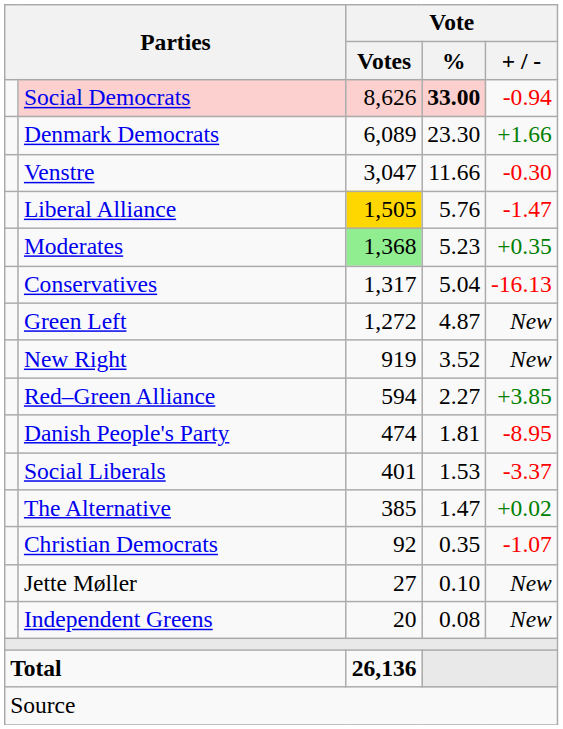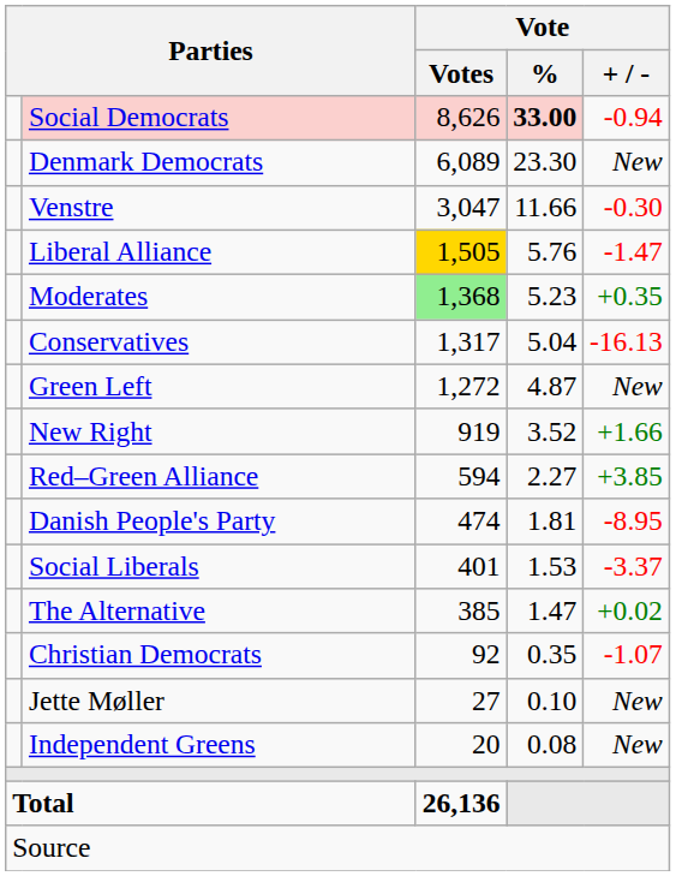 <table class="wikitable" style="text-align:right;">
 <tr>
 <th style="text-align:centre;" rowspan="2" colspan="2" width="225">Parties</th>
 <th colspan="3">Vote</th>
 </tr>
 <tr>
 <th width="15">Votes</th>
 <th width="15">%</th>
 <th width="15">+ / -</th>
 </tr>
 <tr>
 <td width="2" style="color:inherit;background:"></td>
 <td bgcolor=#fbd0ce  align="left"><a href='#'>Social Democrats</a></td>
 <td bgcolor=#fbd0ce>8,626</td>
 <td bgcolor=#fbd0ce><strong>33.00</strong></td>
 <td style=color:red;>-0.94</td>
 </tr>
 <tr>
 <td width="2" style="color:inherit;background:"></td>
 <td align="left"><a href='#'>Denmark Democrats</a></td>
 <td>6,089</td>
 <td>23.30</td>
-<td style=color:green;>+1.66</td>
+<td><em>New</em></td>
 </tr>
 <tr>
 <td width="2" style="color:inherit;background:"></td>
 <td align="left"><a href='#'>Venstre</a></td>
 <td>3,047</td>
 <td>11.66</td>
 <td style=color:red;>-0.30</td>
 </tr>
 <tr>
 <td width="2" style="color:inherit;background:"></td>
 <td align="left"><a href='#'>Liberal Alliance</a></td>
 <td style="background: gold;">1,505</td>
 <td>5.76</td>
 <td style=color:red;>-1.47</td>
 </tr>
 <tr>
 <td width="2" style="color:inherit;background:"></td>
 <td align="left"><a href='#'>Moderates</a></td>
 <td style="background: lightgreen;">1,368</td>
 <td>5.23</td>
 <td style=color:green;>+0.35</td>
 </tr>
 <tr>
 <td width="2" style="color:inherit;background:"></td>
 <td align="left"><a href='#'>Conservatives</a></td>
 <td>1,317</td>
 <td>5.04</td>
 <td style=color:red;>-16.13</td>
 </tr>
 <tr>
 <td width="2" style="color:inherit;background:"></td>
 <td align="left"><a href='#'>Green Left</a></td>
 <td>1,272</td>
 <td>4.87</td>
 <td><em>New</em></td>
 </tr>
 <tr>
 <td width="2" style="color:inherit;background:"></td>
 <td align="left"><a href='#'>New Right</a></td>
 <td>919</td>
 <td>3.52</td>
-<td><em>New</em></td>
+<td style=color:green;>+1.66</td>
 </tr>
 <tr>
 <td width="2" style="color:inherit;background:"></td>
 <td align="left"><a href='#'>Red–Green Alliance</a></td>
 <td>594</td>
 <td>2.27</td>
 <td style=color:green;>+3.85</td>
 </tr>
 <tr>
 <td width="2" style="color:inherit;background:"></td>
 <td align="left"><a href='#'>Danish People's Party</a></td>
 <td>474</td>
 <td>1.81</td>
 <td style=color:red;>-8.95</td>
 </tr>
 <tr>
 <td width="2" style="color:inherit;background:"></td>
 <td align="left"><a href='#'>Social Liberals</a></td>
 <td>401</td>
 <td>1.53</td>
 <td style=color:red;>-3.37</td>
 </tr>
 <tr>
 <td width="2" style="color:inherit;background:"></td>
 <td align="left"><a href='#'>The Alternative</a></td>
 <td>385</td>
 <td>1.47</td>
 <td style=color:green;>+0.02</td>
 </tr>
 <tr>
 <td width="2" style="color:inherit;background:"></td>
 <td align="left"><a href='#'>Christian Democrats</a></td>
 <td>92</td>
 <td>0.35</td>
 <td style=color:red;>-1.07</td>
 </tr>
 <tr>
 <td width="2" style="color:inherit;background:"></td>
 <td align="left">Jette Møller</td>
 <td>27</td>
 <td>0.10</td>
 <td><em>New</em></td>
 </tr>
 <tr>
 <td width="2" style="color:inherit;background:"></td>
 <td align="left"><a href='#'>Independent Greens</a></td>
 <td>20</td>
 <td>0.08</td>
 <td><em>New</em></td>
 </tr>
 <tr>
 <td colspan="7" bgcolor="#E9E9E9"></td>
 </tr>
 <tr>
 <td align="left" colspan="2"><strong>Total</strong></td>
 <td><strong>26,136</strong></td>
 <td bgcolor="#E9E9E9" colspan="2"></td>
 </tr>
 <tr>
 <td align="left" colspan="6">Source</td>
 </tr>
 </table>
